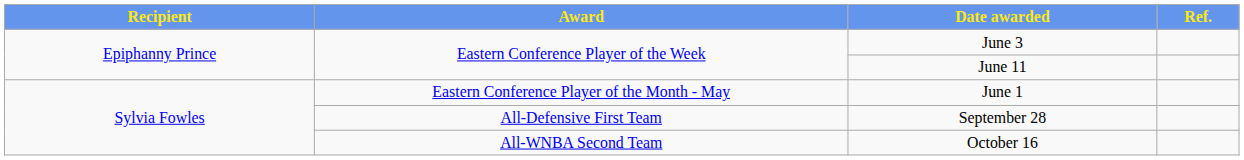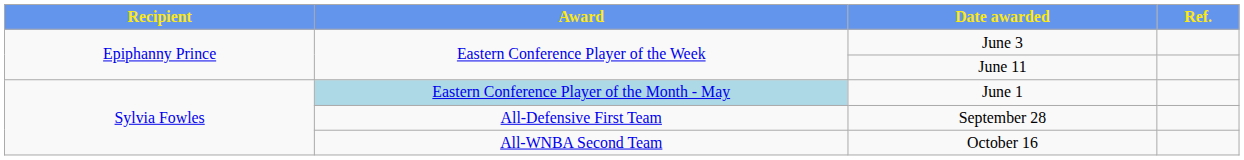 <table class="wikitable sortable sortable" style="text-align: center">
 <tr>
 <th style="background:#6495ED; color:#FDE910;"; width="5%">Recipient</th>
 <th style="background:#6495ED; color:#FDE910;"; width="9%">Award</th>
 <th style="background:#6495ED; color:#FDE910;"; width="5%">Date awarded</th>
 <th style="background:#6495ED; color:#FDE910;"; width="1%" class="unsortable">Ref.</th>
 </tr>
 <tr>
 <td rowspan=2><a href='#'>Epiphanny Prince</a></td>
 <td rowspan=2><a href='#'>Eastern Conference Player of the Week</a></td>
 <td>June 3</td>
 <td></td>
 </tr>
 <tr>
 <td>June 11</td>
 <td></td>
 </tr>
 <tr>
 <td rowspan=3><a href='#'>Sylvia Fowles</a></td>
-<td><a href='#'>Eastern Conference Player of the Month - May</a></td>
+<td style="background: lightblue;"><a href='#'>Eastern Conference Player of the Month - May</a></td>
 <td>June 1</td>
 <td></td>
 </tr>
 <tr>
 <td><a href='#'>All-Defensive First Team</a></td>
 <td>September 28</td>
 <td></td>
 </tr>
 <tr>
 <td><a href='#'>All-WNBA Second Team</a></td>
 <td>October 16</td>
 <td></td>
 </tr>
 </table>
